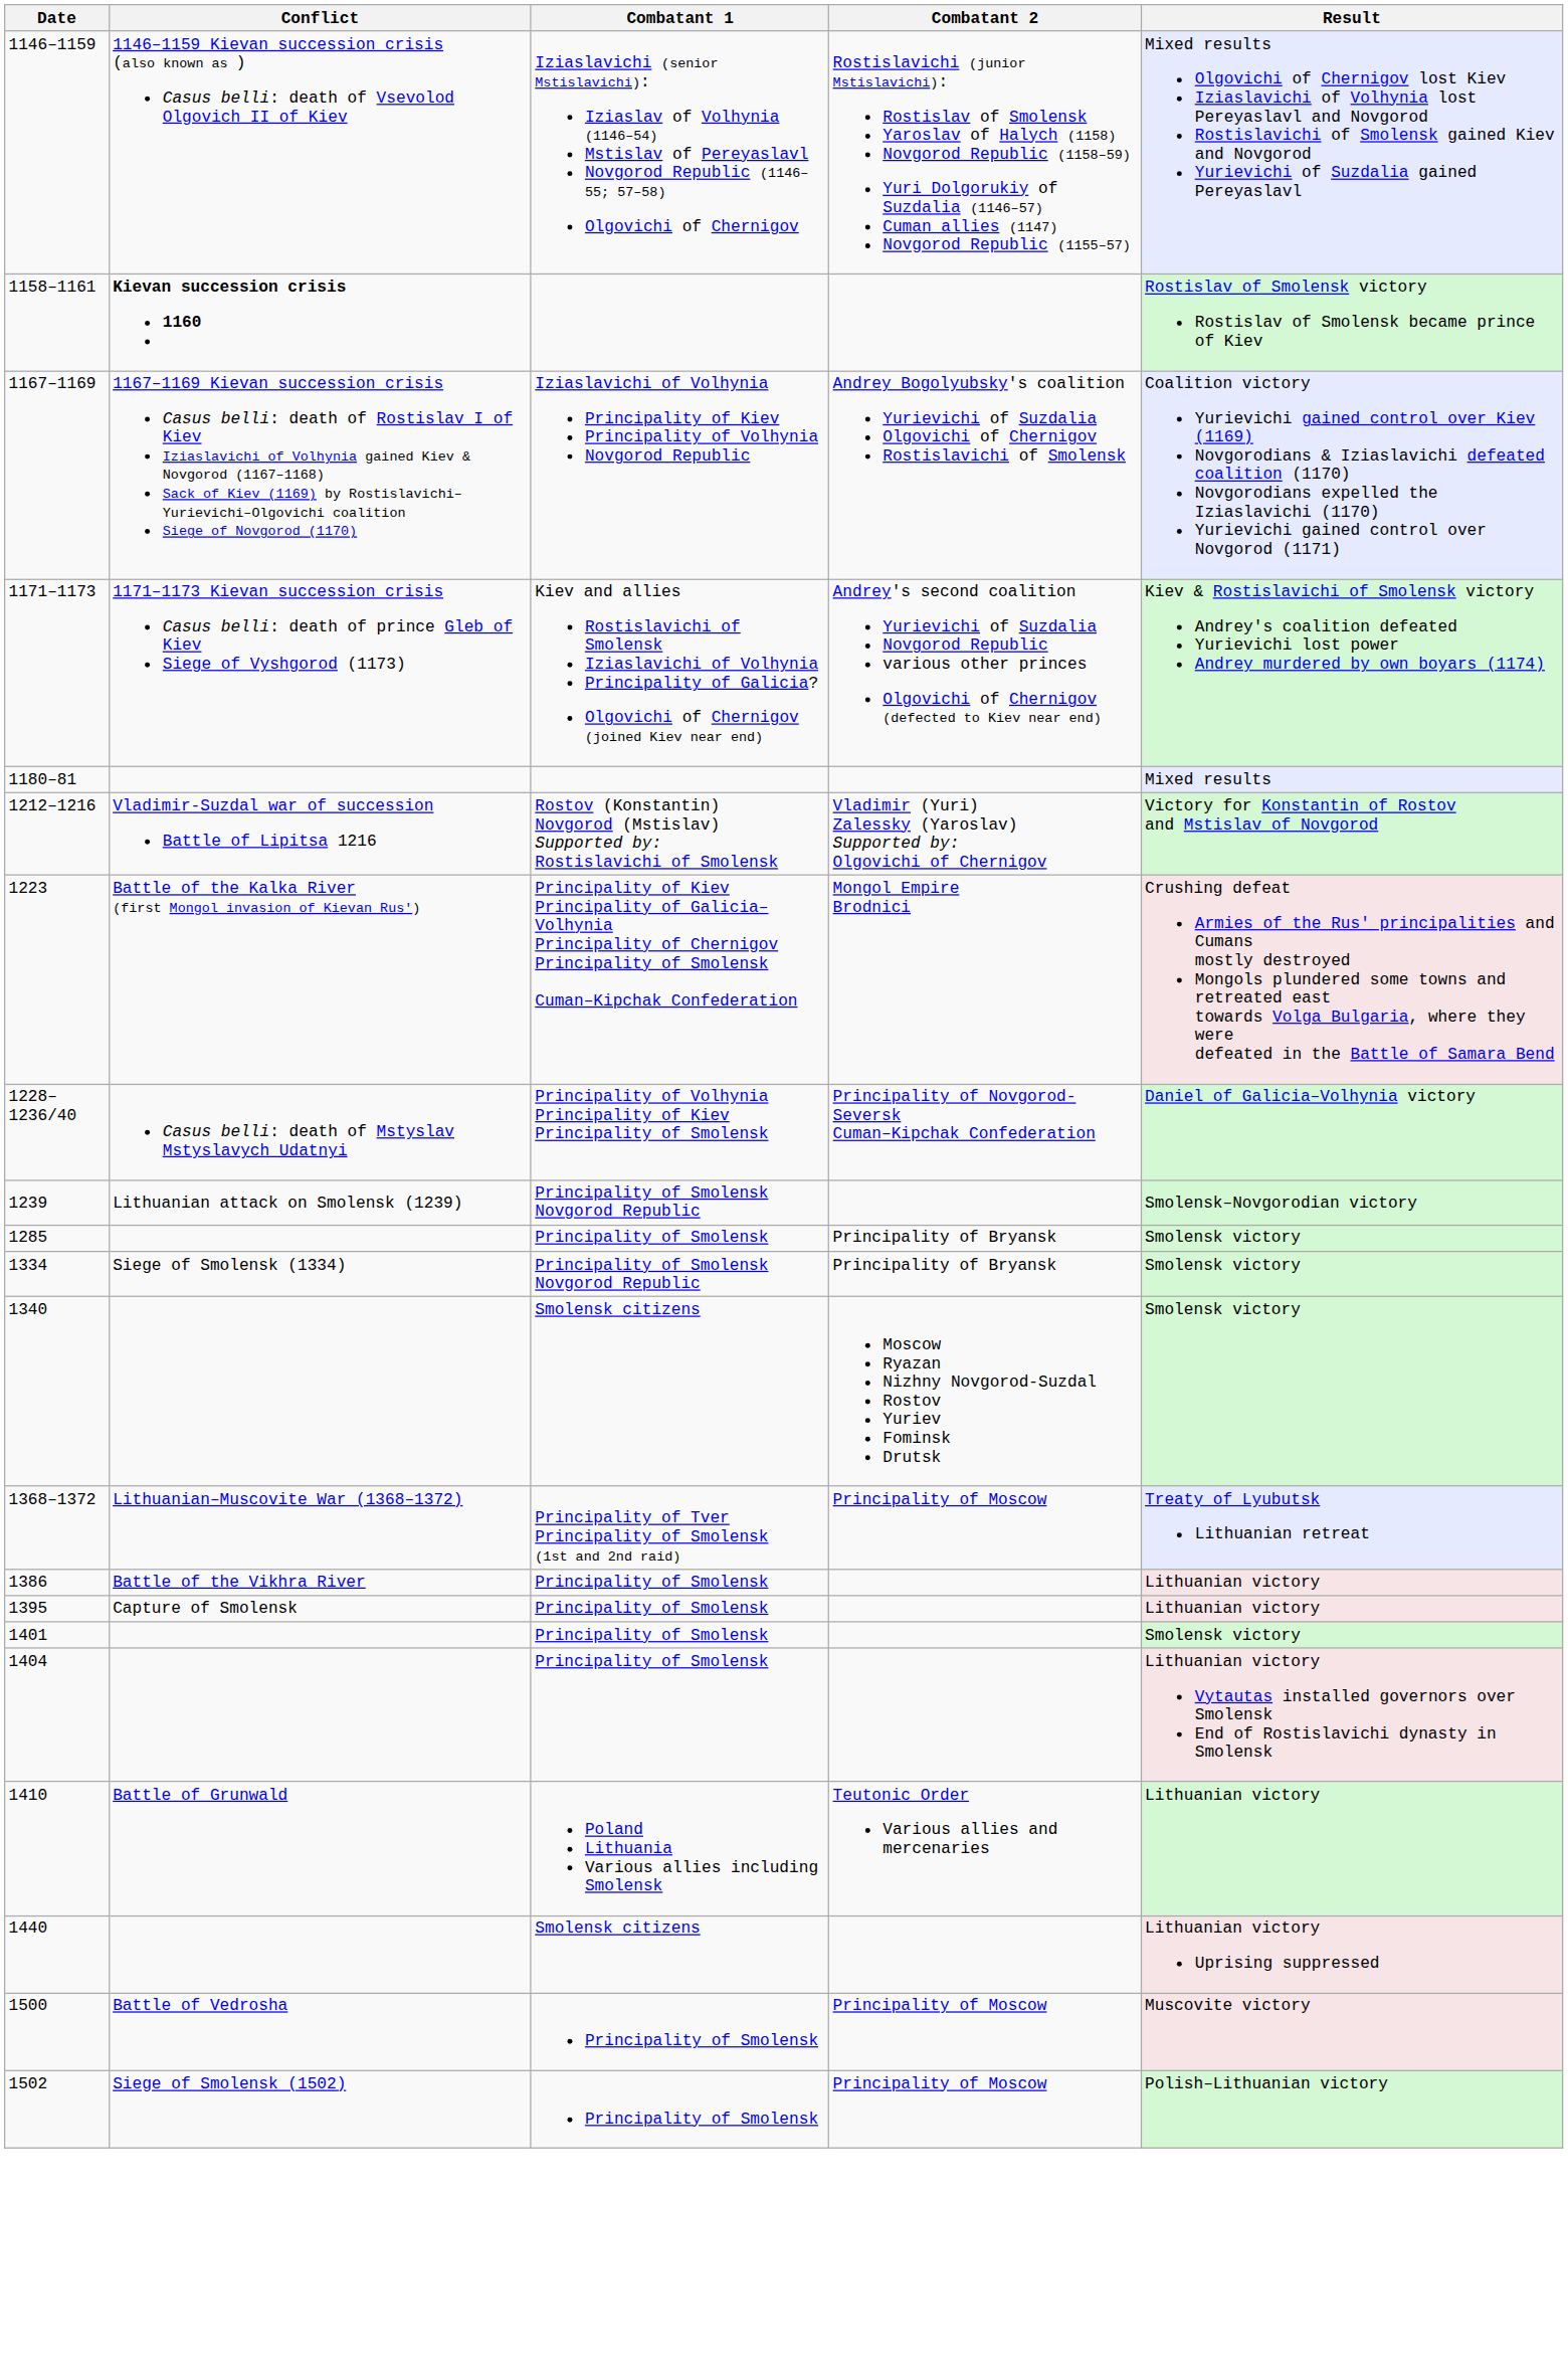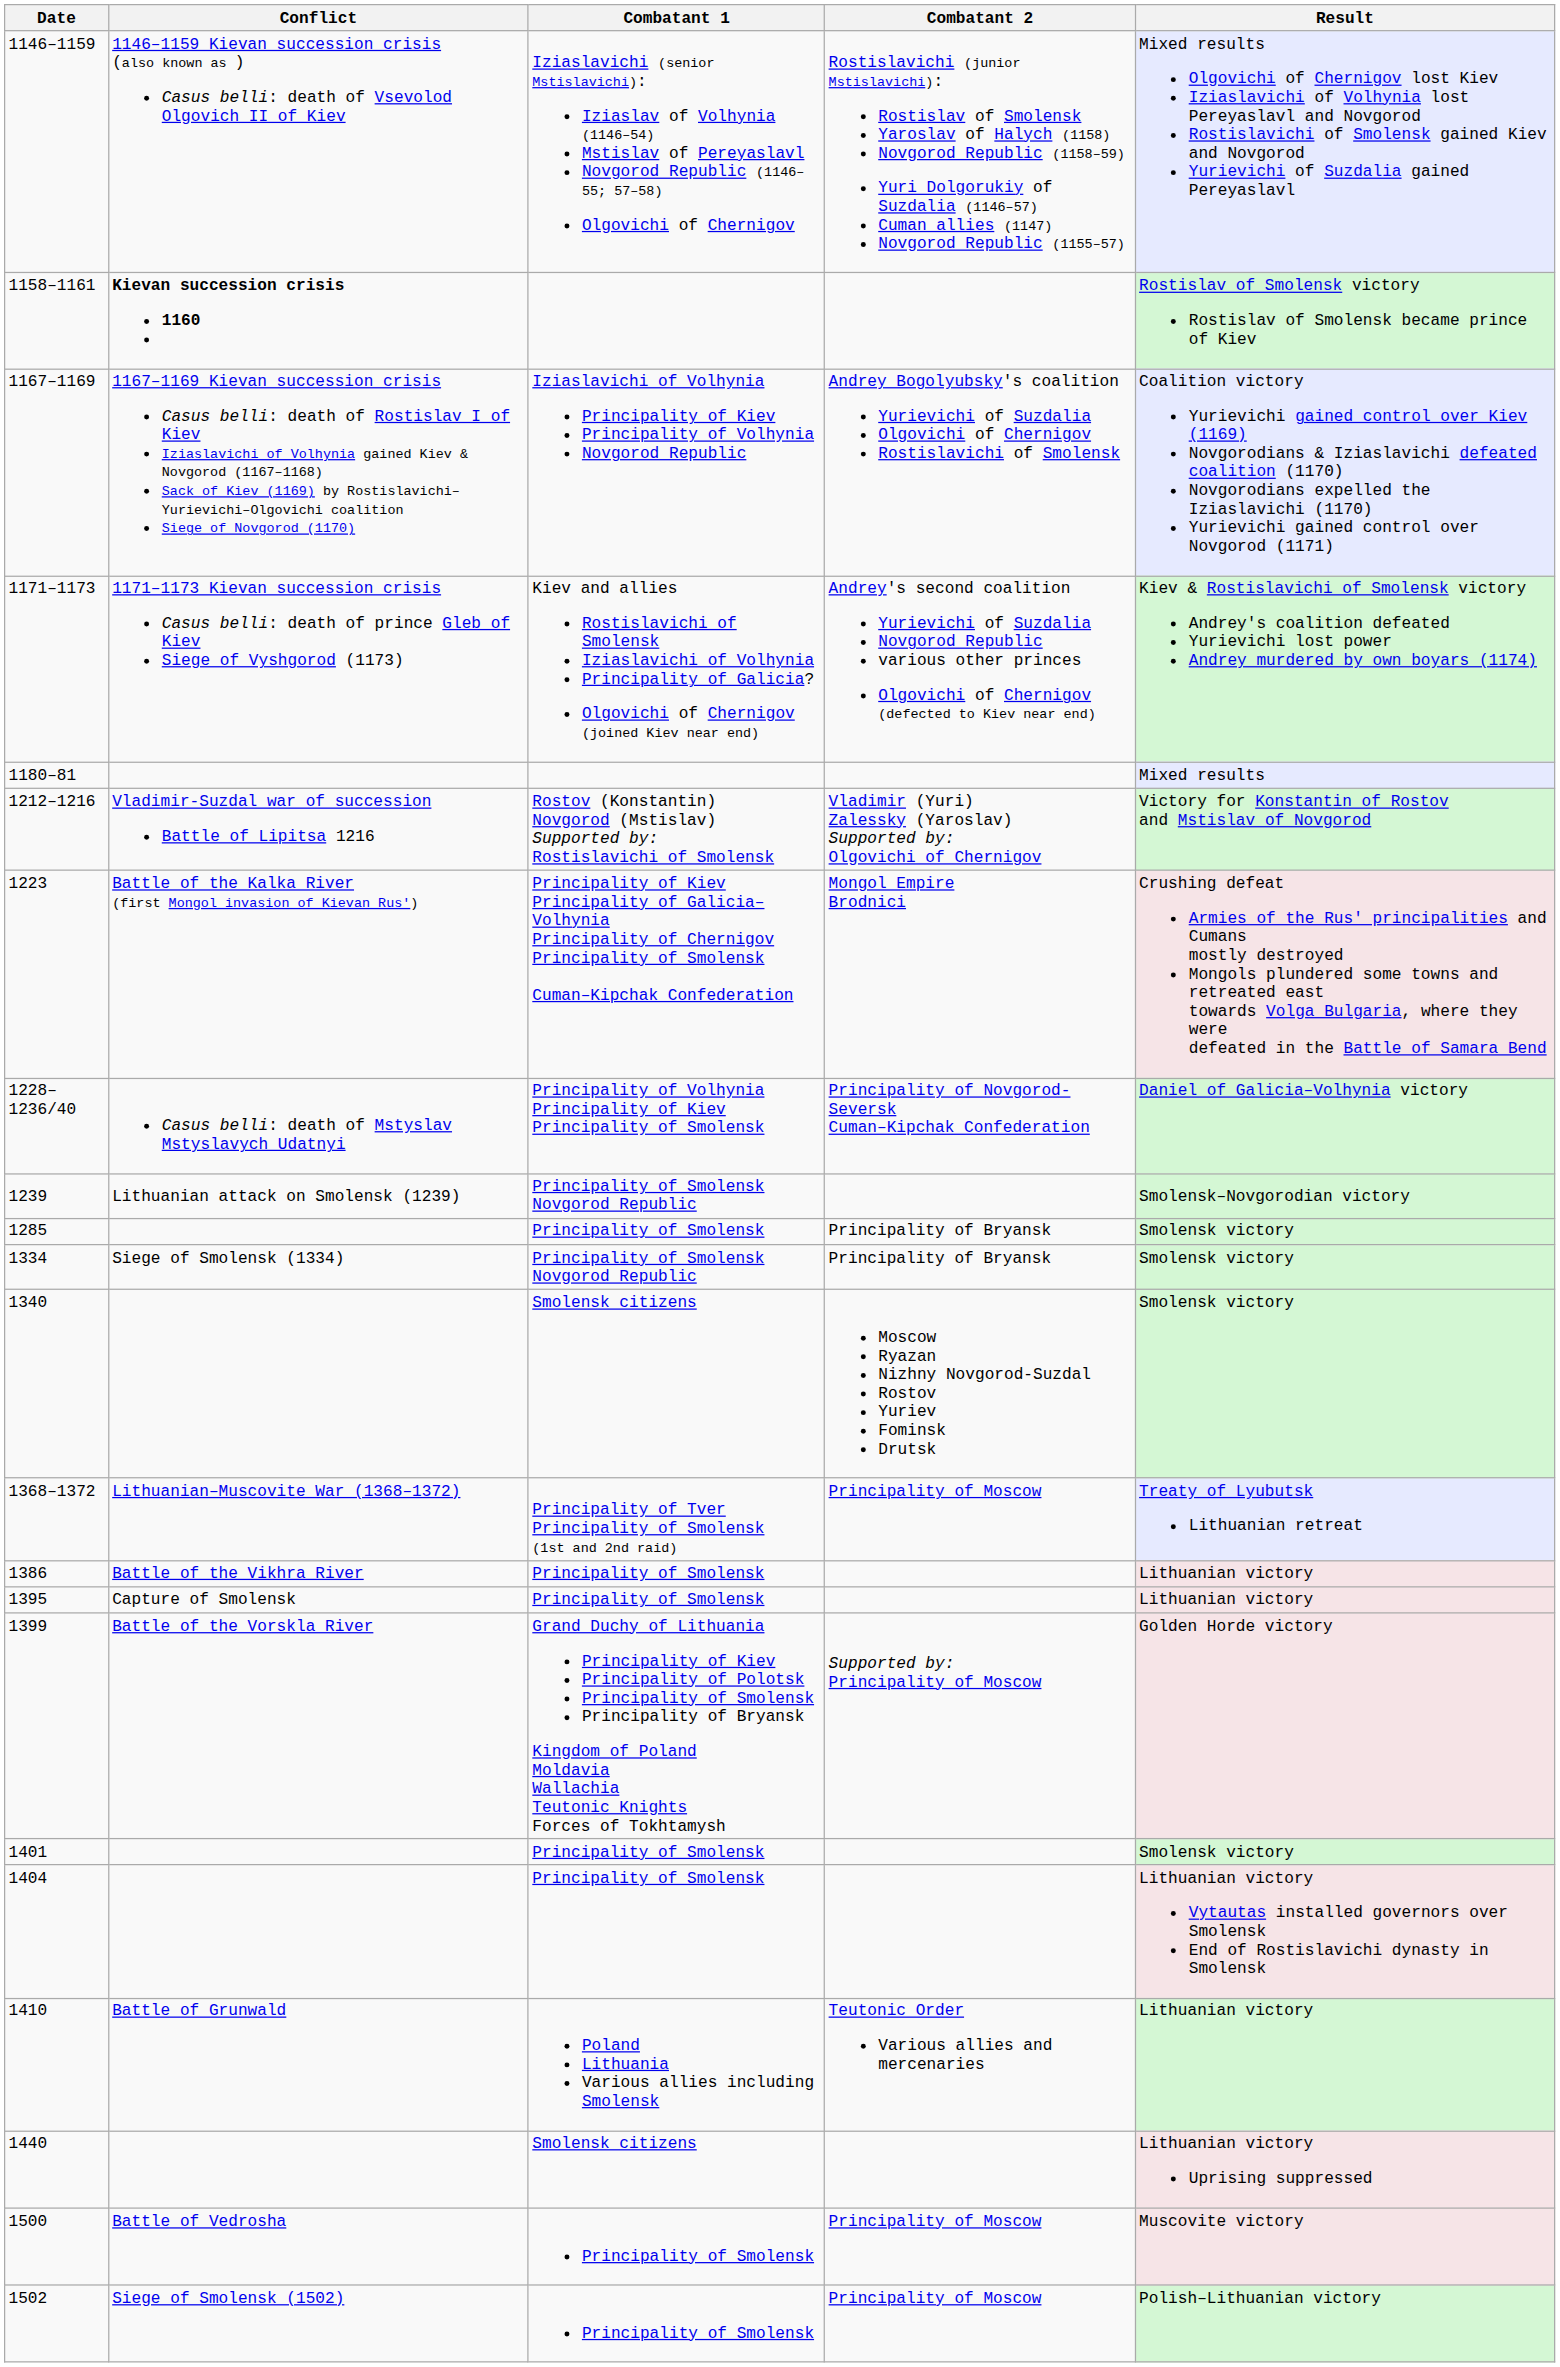 <table class="wikitable sortable">
 <tr>
 <th>Date</th>
 <th>Conflict</th>
 <th>Combatant 1</th>
 <th>Combatant 2</th>
 <th>Result</th>
 </tr>
 <tr valign="top">
 <td>1146–1159</td>
 <td><a href='#'>1146–1159 Kievan succession crisis</a><br>(<small>also known as </small>)<br><ul><li><em>Casus belli</em>: death of <a href='#'>Vsevolod Olgovich II of Kiev</a></li></ul></td>
 <td><br><a href='#'>Iziaslavichi</a> <small>(senior <a href='#'>Mstislavichi</a>)</small>:<ul><li> <a href='#'>Iziaslav</a> of <a href='#'>Volhynia</a> <small>(1146–54)</small></li><li> <a href='#'>Mstislav</a> of <a href='#'>Pereyaslavl</a></li><li> <a href='#'>Novgorod Republic</a> <small>(1146–55; 57–58)</small></li></ul><ul><li> <a href='#'>Olgovichi</a> of <a href='#'>Chernigov</a></li></ul></td>
 <td><br><a href='#'>Rostislavichi</a> <small>(junior <a href='#'>Mstislavichi</a>)</small>:<ul><li> <a href='#'>Rostislav</a> of <a href='#'>Smolensk</a></li><li> <a href='#'>Yaroslav</a> of <a href='#'>Halych</a> <small>(1158)</small></li><li> <a href='#'>Novgorod Republic</a> <small>(1158–59)</small></li></ul><ul><li> <a href='#'>Yuri Dolgorukiy</a> of <a href='#'>Suzdalia</a> <small>(1146–57)</small></li><li><a href='#'>Cuman allies</a> <small>(1147)</small></li><li> <a href='#'>Novgorod Republic</a> <small>(1155–57)</small></li></ul></td>
 <td style="background:#E6EAFF">Mixed results<br><ul><li><a href='#'>Olgovichi</a> of <a href='#'>Chernigov</a> lost Kiev</li><li><a href='#'>Iziaslavichi</a> of <a href='#'>Volhynia</a> lost Pereyaslavl and Novgorod</li><li><a href='#'>Rostislavichi</a> of <a href='#'>Smolensk</a> gained Kiev and Novgorod</li><li><a href='#'>Yurievichi</a> of <a href='#'>Suzdalia</a> gained Pereyaslavl</li></ul></td>
 </tr>
 <tr valign="top">
 <td>1158–1161</td>
 <td><strong>Kievan succession crisis<br><ul><li> 1160</li><li></li></ul></strong></td>
 <td></td>
 <td></td>
 <td style="background:#D4F7D4"><a href='#'>Rostislav of Smolensk</a> victory<br><ul><li>Rostislav of Smolensk became prince of Kiev</li></ul></td>
 </tr>
 <tr valign="top">
 <td>1167–1169</td>
 <td><a href='#'>1167–1169 Kievan succession crisis</a><br><ul><li><em>Casus belli</em>: death of <a href='#'>Rostislav I of Kiev</a></li><li><small><a href='#'>Iziaslavichi of Volhynia</a> gained Kiev & Novgorod (1167–1168)</small></li><li><small><a href='#'>Sack of Kiev (1169)</a> by Rostislavichi–Yurievichi–Olgovichi coalition</small></li><li><small><a href='#'>Siege of Novgorod (1170)</a></small></li></ul></td>
 <td><a href='#'>Iziaslavichi of Volhynia</a><br><ul><li> <a href='#'>Principality of Kiev</a></li><li> <a href='#'>Principality of Volhynia</a></li><li> <a href='#'>Novgorod Republic</a></li></ul></td>
 <td><a href='#'>Andrey Bogolyubsky</a>'s coalition<br><ul><li> <a href='#'>Yurievichi</a> of <a href='#'>Suzdalia</a></li><li> <a href='#'>Olgovichi</a> of <a href='#'>Chernigov</a></li><li> <a href='#'>Rostislavichi</a> of <a href='#'>Smolensk</a></li></ul></td>
 <td style="background:#E6EAFF">Coalition victory<br><ul><li>Yurievichi <a href='#'>gained control over Kiev (1169)</a></li><li>Novgorodians & Iziaslavichi <a href='#'>defeated coalition</a> (1170)</li><li>Novgorodians expelled the Iziaslavichi (1170)</li><li>Yurievichi gained control over Novgorod (1171)</li></ul></td>
 </tr>
 <tr valign="top">
 <td>1171–1173</td>
 <td><a href='#'>1171–1173 Kievan succession crisis</a><br><ul><li><em>Casus belli</em>: death of prince <a href='#'>Gleb of Kiev</a></li><li><a href='#'>Siege of Vyshgorod</a> (1173)</li></ul></td>
 <td>Kiev and allies<br><ul><li> <a href='#'>Rostislavichi of Smolensk</a></li><li> <a href='#'>Iziaslavichi of Volhynia</a></li><li> <a href='#'>Principality of Galicia</a>?</li></ul><ul><li> <a href='#'>Olgovichi</a> of <a href='#'>Chernigov</a><br><small>(joined Kiev near end)</small></li></ul></td>
 <td><a href='#'>Andrey</a>'s second coalition<br><ul><li> <a href='#'>Yurievichi</a> of <a href='#'>Suzdalia</a></li><li> <a href='#'>Novgorod Republic</a></li><li>various other princes</li></ul><ul><li> <a href='#'>Olgovichi</a> of <a href='#'>Chernigov</a><br><small>(defected to Kiev near end)</small></li></ul></td>
 <td style="background:#D4F7D4">Kiev & <a href='#'>Rostislavichi of Smolensk</a> victory<br><ul><li>Andrey's coalition defeated</li><li>Yurievichi lost power</li><li><a href='#'>Andrey murdered by own boyars (1174)</a></li></ul></td>
 </tr>
 <tr valign="top">
 <td>1180–81</td>
 <td></td>
 <td></td>
 <td></td>
 <td style="background:#E6EAFF">Mixed results</td>
 </tr>
 <tr valign="top">
 <td>1212–1216</td>
 <td><a href='#'>Vladimir-Suzdal war of succession</a><br><ul><li><a href='#'>Battle of Lipitsa</a> 1216</li></ul></td>
 <td> <a href='#'>Rostov</a> (Konstantin)<br> <a href='#'>Novgorod</a> (Mstislav)<br><em>Supported by:</em><br> <a href='#'>Rostislavichi of Smolensk</a></td>
 <td> <a href='#'>Vladimir</a> (Yuri)<br> <a href='#'>Zalessky</a> (Yaroslav)<br><em>Supported by:</em><br><a href='#'>Olgovichi of Chernigov</a></td>
 <td style="background:#D4F7D4">Victory for <a href='#'>Konstantin of Rostov</a><br>and <a href='#'>Mstislav of Novgorod</a></td>
 </tr>
 <tr valign="top">
 <td>1223</td>
 <td><a href='#'>Battle of the Kalka River</a><br><small>(first <a href='#'>Mongol invasion of Kievan Rus'</a>)</small></td>
 <td> <a href='#'>Principality of Kiev</a><br> <a href='#'>Principality of Galicia–Volhynia</a><br> <a href='#'>Principality of Chernigov</a><br> <a href='#'>Principality of Smolensk</a><br><br> <a href='#'>Cuman–Kipchak Confederation</a></td>
 <td> <a href='#'>Mongol Empire</a><br><a href='#'>Brodnici</a></td>
 <td style="background:#F6E4E7">Crushing defeat<br><ul><li><a href='#'>Armies of the Rus' principalities</a> and Cumans<br>mostly destroyed</li><li>Mongols plundered some towns and retreated east<br>towards <a href='#'>Volga Bulgaria</a>, where they were<br>defeated in the <a href='#'>Battle of Samara Bend</a></li></ul></td>
 </tr>
 <tr valign="top">
 <td>1228–1236/40</td>
 <td><br><ul><li><em>Casus belli</em>: death of <a href='#'>Mstyslav Mstyslavych Udatnyi</a></li></ul></td>
 <td> <a href='#'>Principality of Volhynia</a><br> <a href='#'>Principality of Kiev</a><br> <a href='#'>Principality of Smolensk</a></td>
 <td> <a href='#'>Principality of Novgorod-Seversk</a><br> <a href='#'>Cuman–Kipchak Confederation</a></td>
 <td style="background:#D4F7D4"><a href='#'>Daniel of Galicia–Volhynia</a> victory</td>
 </tr>
 <tr>
 <td>1239</td>
 <td>Lithuanian attack on Smolensk (1239)</td>
 <td> <a href='#'>Principality of Smolensk</a><br> <a href='#'>Novgorod Republic</a></td>
 <td></td>
 <td style="background:#D4F7D4">Smolensk–Novgorodian victory</td>
 </tr>
 <tr valign="top">
 <td>1285</td>
 <td></td>
 <td> <a href='#'>Principality of Smolensk</a></td>
 <td>Principality of Bryansk</td>
 <td style="background:#D4F7D4">Smolensk victory</td>
 </tr>
 <tr valign="top">
 <td>1334</td>
 <td>Siege of Smolensk (1334)</td>
 <td> <a href='#'>Principality of Smolensk</a><br> <a href='#'>Novgorod Republic</a></td>
 <td>Principality of Bryansk</td>
 <td style="background:#D4F7D4">Smolensk victory</td>
 </tr>
 <tr valign="top">
 <td>1340</td>
 <td></td>
 <td> <a href='#'>Smolensk citizens</a></td>
 <td><br><ul><li>Moscow</li><li>Ryazan</li><li>Nizhny Novgorod-Suzdal</li><li>Rostov</li><li>Yuriev</li><li>Fominsk</li><li>Drutsk</li></ul></td>
 <td style="background:#D4F7D4">Smolensk victory</td>
 </tr>
 <tr valign="top">
 <td>1368–1372</td>
 <td><a href='#'>Lithuanian–Muscovite War (1368–1372)</a></td>
 <td><br> <a href='#'>Principality of Tver</a><br> <a href='#'>Principality of Smolensk</a><br><small>(1st and 2nd raid)</small></td>
 <td> <a href='#'>Principality of Moscow</a></td>
 <td style="background:#E6EAFF"><a href='#'>Treaty of Lyubutsk</a><br><ul><li>Lithuanian retreat</li></ul></td>
 </tr>
 <tr valign="top">
 <td>1386</td>
 <td><a href='#'>Battle of the Vikhra River</a></td>
 <td> <a href='#'>Principality of Smolensk</a></td>
 <td></td>
 <td style="background:#F6E4E7">Lithuanian victory</td>
 </tr>
 <tr valign="top">
 <td>1395</td>
 <td>Capture of Smolensk</td>
 <td> <a href='#'>Principality of Smolensk</a></td>
 <td></td>
 <td style="background:#F6E4E7">Lithuanian victory</td>
 </tr>
 <tr valign="top">
+<td>1399</td>
+<td><a href='#'>Battle of the Vorskla River</a></td>
+<td> <a href='#'>Grand Duchy of Lithuania</a><br><ul><li><a href='#'>Principality of Kiev</a></li><li><a href='#'>Principality of Polotsk</a></li><li><a href='#'>Principality of Smolensk</a></li><li>Principality of Bryansk</li></ul> <a href='#'>Kingdom of Poland</a> <br><a href='#'>Moldavia</a><br><a href='#'>Wallachia</a><br><a href='#'>Teutonic Knights</a><br>Forces of Tokhtamysh</td>
+<td><br><br><em>Supported by:</em><br> <a href='#'>Principality of Moscow</a></td>
+<td style="background:#F6E4E7">Golden Horde victory</td>
+</tr>
+<tr valign="top">
 <td>1401</td>
 <td></td>
 <td> <a href='#'>Principality of Smolensk</a></td>
 <td></td>
 <td style="background:#D4F7D4">Smolensk victory</td>
 </tr>
 <tr valign="top">
 <td>1404</td>
 <td></td>
 <td> <a href='#'>Principality of Smolensk</a></td>
 <td></td>
 <td style="background:#F6E4E7">Lithuanian victory<br><ul><li><a href='#'>Vytautas</a> installed governors over Smolensk</li><li>End of Rostislavichi dynasty in Smolensk</li></ul></td>
 </tr>
 <tr valign="top">
 <td>1410</td>
 <td><a href='#'>Battle of Grunwald</a></td>
 <td><br><ul><li> <a href='#'>Poland</a></li><li> <a href='#'>Lithuania</a></li><li>Various allies including <a href='#'>Smolensk</a></li></ul></td>
 <td> <a href='#'>Teutonic Order</a><br><ul><li>Various allies and mercenaries</li></ul></td>
 <td style="background:#D4F7D4">Lithuanian victory</td>
 </tr>
 <tr valign="top">
 <td>1440</td>
 <td></td>
 <td> <a href='#'>Smolensk citizens</a></td>
 <td></td>
 <td style="background:#F6E4E7">Lithuanian victory<br><ul><li>Uprising suppressed</li></ul></td>
 </tr>
 <tr valign="top">
 <td>1500</td>
 <td><a href='#'>Battle of Vedrosha</a></td>
 <td><br><ul><li> <a href='#'>Principality of Smolensk</a></li></ul></td>
 <td> <a href='#'>Principality of Moscow</a></td>
 <td style="background:#F6E4E7">Muscovite victory</td>
 </tr>
 <tr valign="top">
 <td>1502</td>
 <td><a href='#'>Siege of Smolensk (1502)</a></td>
 <td><br><ul><li> <a href='#'>Principality of Smolensk</a></li></ul></td>
 <td> <a href='#'>Principality of Moscow</a></td>
 <td style="background:#D4F7D4">Polish–Lithuanian victory</td>
 </tr>
 </table>
